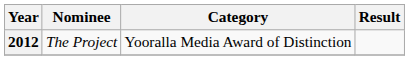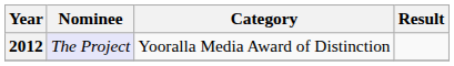 <table class="wikitable plainrowheaders" style="font-size: 95%;">
 <tr>
 <th scope="col">Year</th>
 <th scope="col">Nominee</th>
 <th scope="col">Category</th>
 <th scope="col">Result</th>
 </tr>
 <tr>
 <th scope="row">2012</th>
-<td><em>The Project</em></td>
+<td style="background: lavender;"><em>The Project</em></td>
 <td>Yooralla Media Award of Distinction</td>
 <td></td>
 </tr>
 <tr>
 </tr>
 </table>
